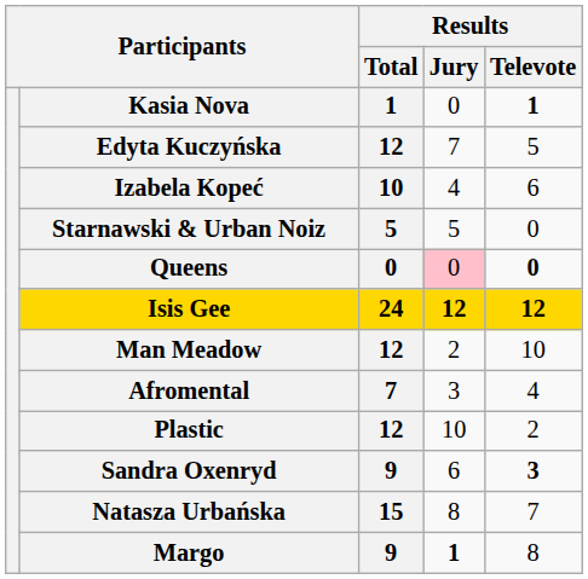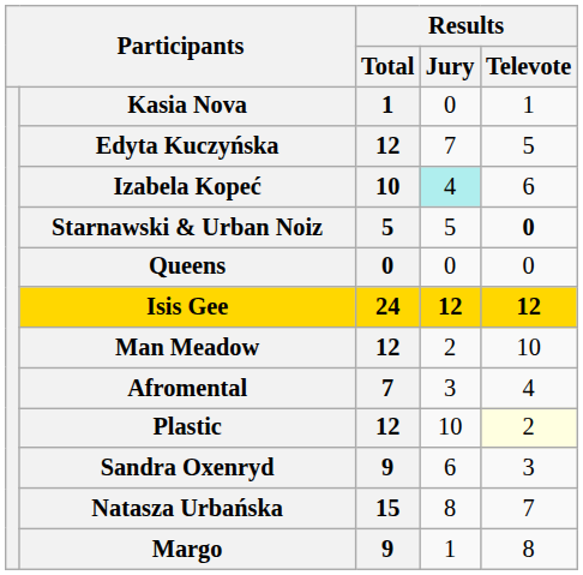 <table class="wikitable" style="text-align:center; font-size: 90%;">
 <tr>
 <th colspan="2" rowspan="2" width="200">Participants</th>
 <th colspan="13">Results</th>
 </tr>
 <tr>
 <th>Total</th>
 <th>Jury</th>
 <th>Televote</th>
 </tr>
 <tr>
 <th rowspan="12"></th>
 <th>Kasia Nova</th>
 <th>1</th>
 <td>0</td>
-<td><strong>1</strong></td>
+<td>1</td>
 </tr>
 <tr>
 <th>Edyta Kuczyńska</th>
 <th>12</th>
 <td>7</td>
 <td>5</td>
 </tr>
 <tr>
 <th>Izabela Kopeć</th>
 <th>10</th>
-<td>4</td>
+<td style="background: paleturquoise;">4</td>
 <td>6</td>
 </tr>
 <tr>
 <th>Starnawski & Urban Noiz</th>
 <th>5</th>
 <td>5</td>
-<td>0</td>
+<td><strong>0</strong></td>
 </tr>
 <tr>
 <th>Queens</th>
 <th>0</th>
-<td style="background: pink;">0</td>
-<td><strong>0</strong></td>
+<td>0</td>
+<td>0</td>
 </tr>
 <tr bgcolor="gold">
 <td><strong>Isis Gee</strong></td>
 <td><strong>24</strong></td>
 <td><strong>12</strong></td>
 <td><strong>12</strong></td>
 </tr>
 <tr>
 <th>Man Meadow</th>
 <th>12</th>
 <td>2</td>
 <td>10</td>
 </tr>
 <tr>
 <th>Afromental</th>
 <th>7</th>
 <td>3</td>
 <td>4</td>
 </tr>
 <tr>
 <th>Plastic</th>
 <th>12</th>
 <td>10</td>
-<td>2</td>
+<td style="background: lightyellow;">2</td>
 </tr>
 <tr>
 <th>Sandra Oxenryd</th>
 <th>9</th>
 <td>6</td>
-<td><strong>3</strong></td>
+<td>3</td>
 </tr>
 <tr>
 <th>Natasza Urbańska</th>
 <th>15</th>
 <td>8</td>
 <td>7</td>
 </tr>
 <tr>
 <th>Margo</th>
 <th>9</th>
-<td><strong>1</strong></td>
+<td>1</td>
 <td>8</td>
 </tr>
 </table>
